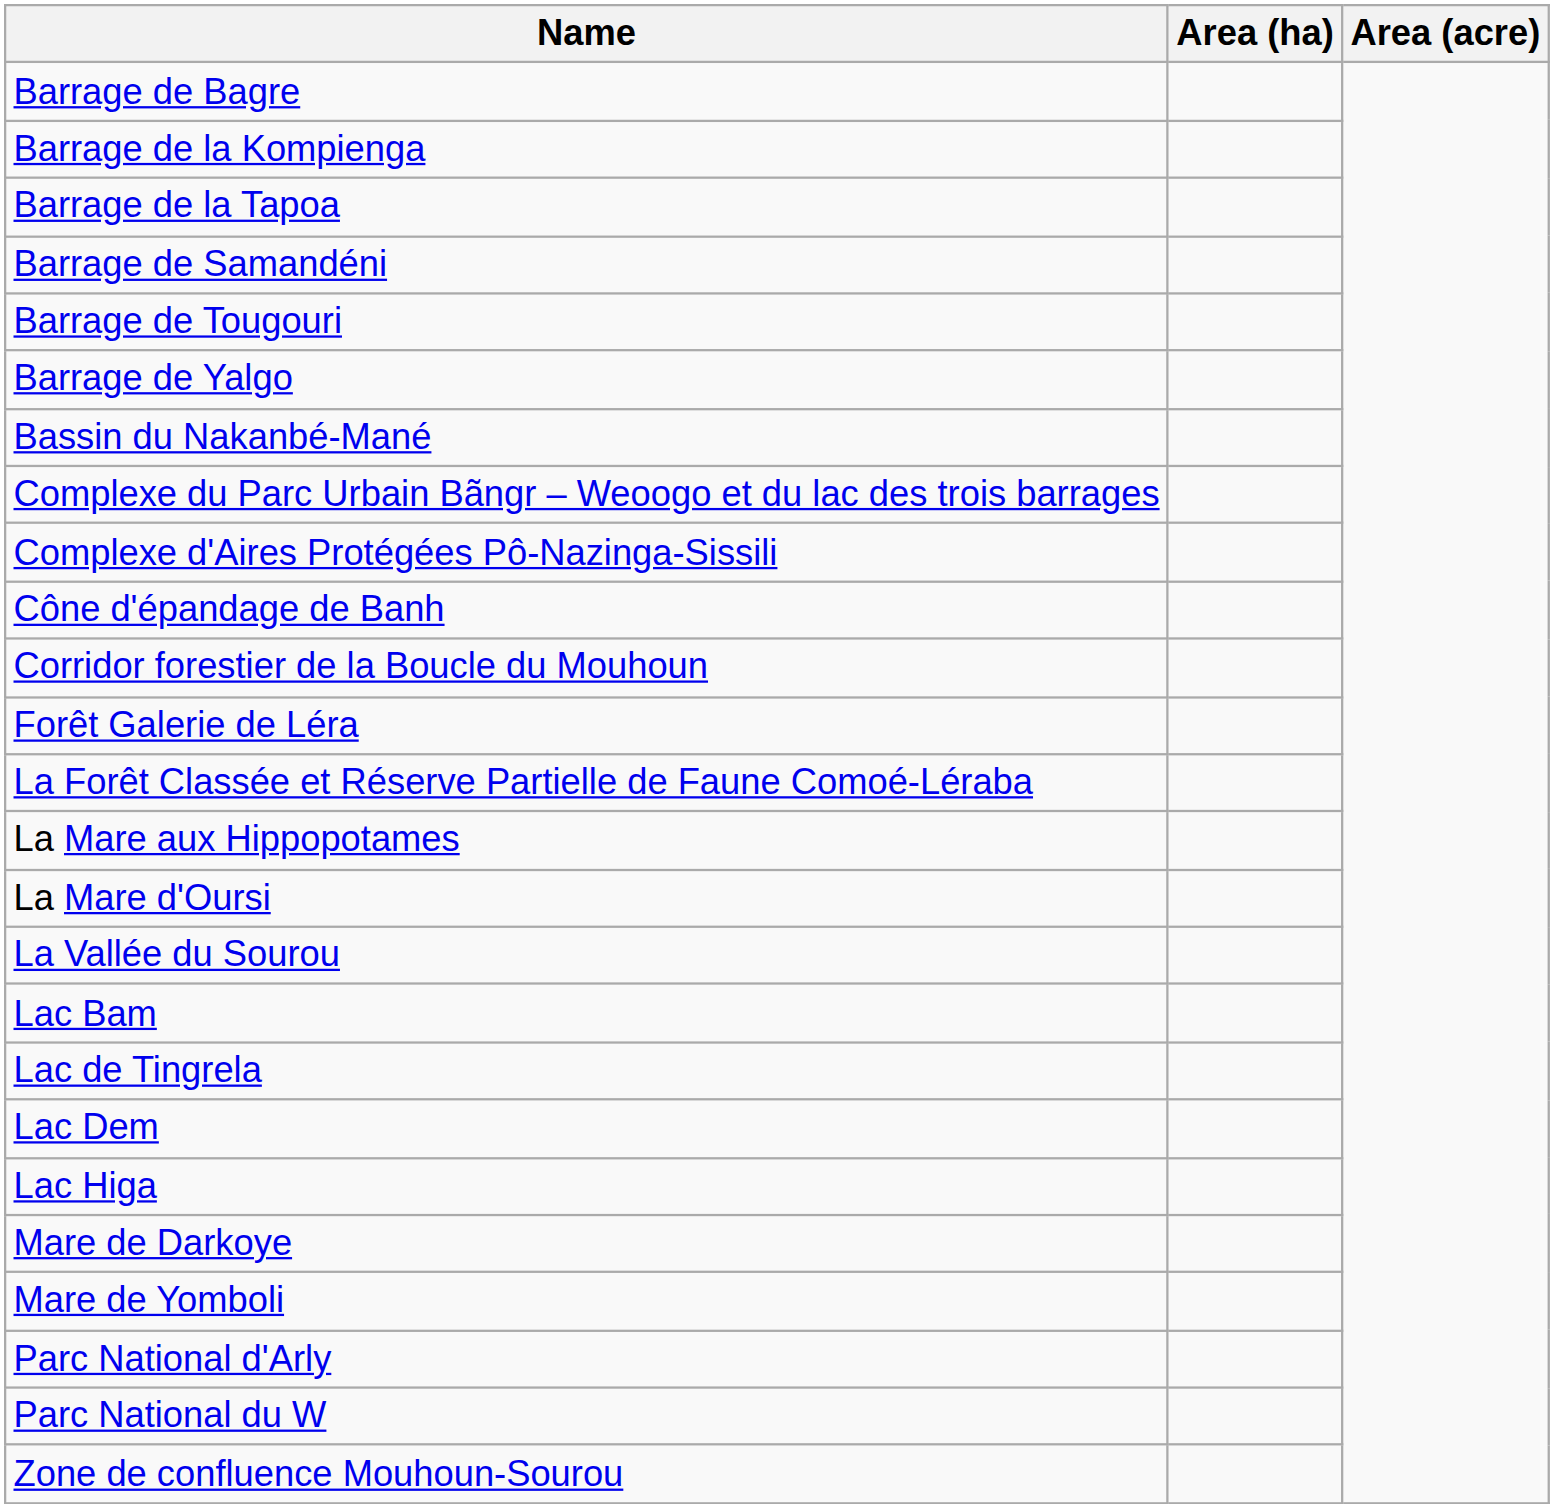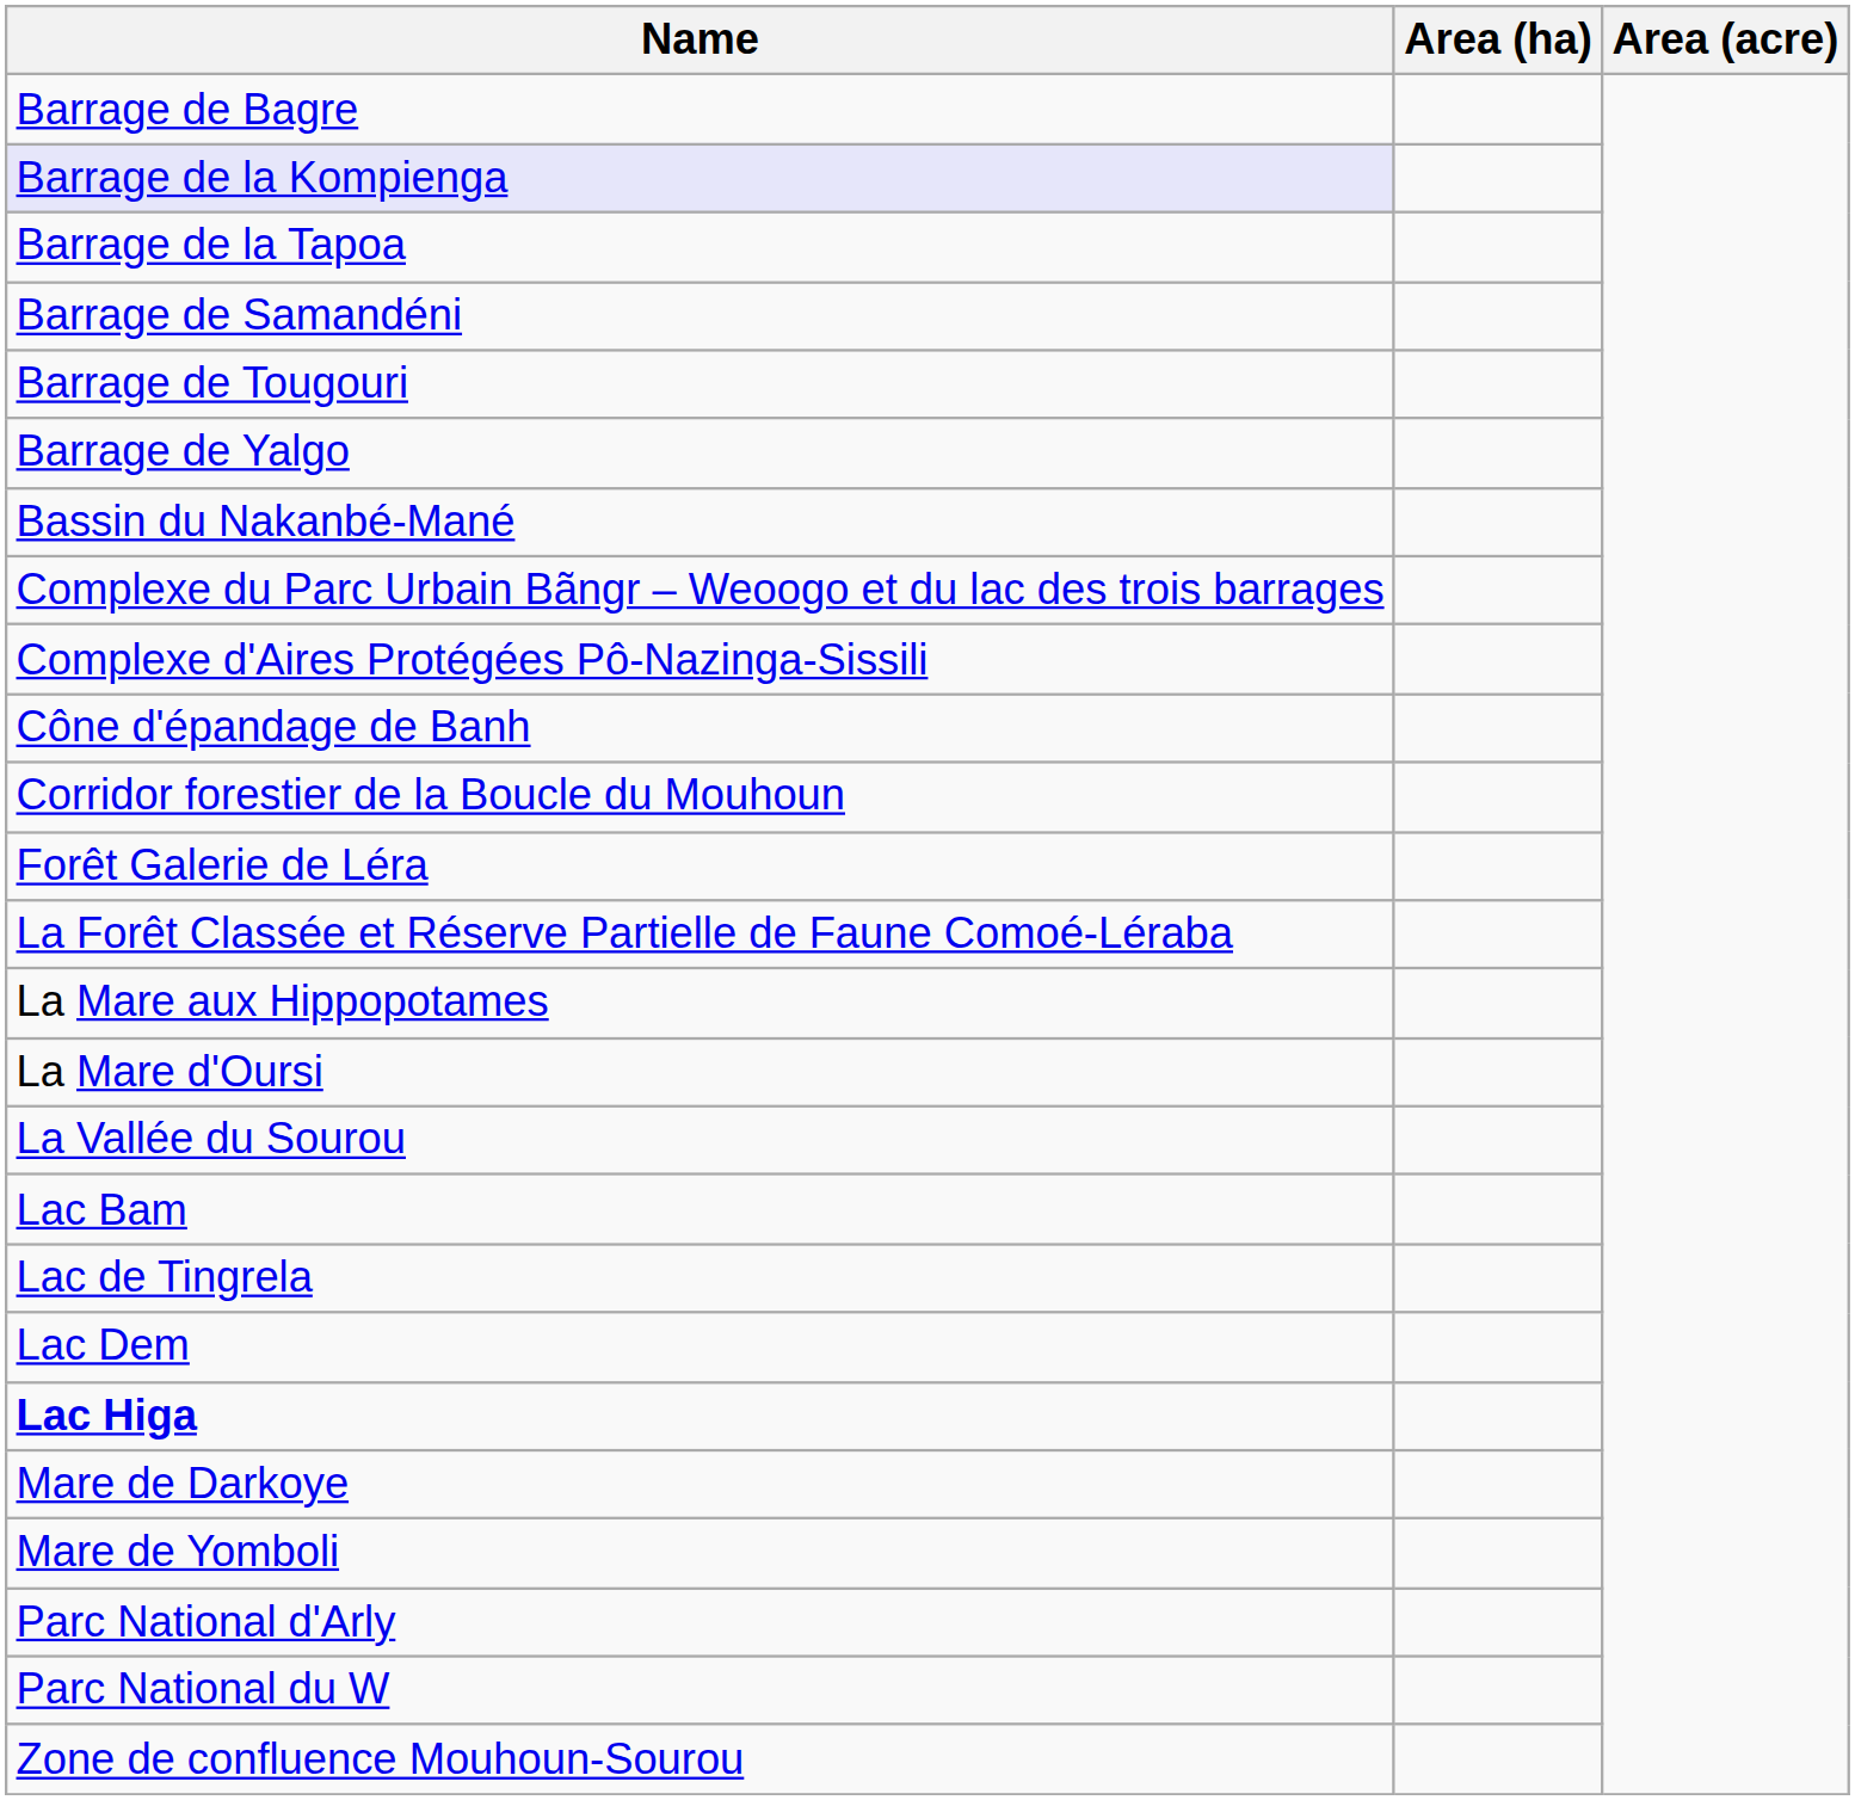 <table class="wikitable sortable">
 <tr>
 <th scope="col" align=left>Name</th>
 <th scope="col">Area (ha)</th>
 <th scope="col">Area (acre)</th>
 </tr>
 <tr ---->
 <td><a href='#'>Barrage de Bagre</a></td>
 <td></td>
 </tr>
 <tr ---->
-<td><a href='#'>Barrage de la Kompienga</a></td>
+<td style="background: lavender;"><a href='#'>Barrage de la Kompienga</a></td>
 <td></td>
 </tr>
 <tr ---->
 <td><a href='#'>Barrage de la Tapoa</a></td>
 <td></td>
 </tr>
 <tr ---->
 <td><a href='#'>Barrage de Samandéni</a></td>
 <td></td>
 </tr>
 <tr ---->
 <td><a href='#'>Barrage de Tougouri</a></td>
 <td></td>
 </tr>
 <tr ---->
 <td><a href='#'>Barrage de Yalgo</a></td>
 <td></td>
 </tr>
 <tr ---->
 <td><a href='#'>Bassin du Nakanbé-Mané</a></td>
 <td></td>
 </tr>
 <tr ---->
 <td><a href='#'>Complexe du Parc Urbain Bãngr – Weoogo et du lac des trois barrages</a></td>
 <td></td>
 </tr>
 <tr ---->
 <td><a href='#'>Complexe d'Aires Protégées Pô-Nazinga-Sissili</a></td>
 <td></td>
 </tr>
 <tr ---->
 <td><a href='#'>Cône d'épandage de Banh</a></td>
 <td></td>
 </tr>
 <tr ---->
 <td><a href='#'>Corridor forestier de la Boucle du Mouhoun</a></td>
 <td></td>
 </tr>
 <tr ---->
 <td><a href='#'>Forêt Galerie de Léra</a></td>
 <td></td>
 </tr>
 <tr ---->
 <td><a href='#'>La Forêt Classée et Réserve Partielle de Faune Comoé-Léraba</a></td>
 <td></td>
 </tr>
 <tr ---->
 <td>La <a href='#'>Mare aux Hippopotames</a></td>
 <td></td>
 </tr>
 <tr ---->
 <td>La <a href='#'>Mare d'Oursi</a></td>
 <td></td>
 </tr>
 <tr ---->
 <td><a href='#'>La Vallée du Sourou</a></td>
 <td></td>
 </tr>
 <tr ---->
 <td><a href='#'>Lac Bam</a></td>
 <td></td>
 </tr>
 <tr ---->
 <td><a href='#'>Lac de Tingrela</a></td>
 <td></td>
 </tr>
 <tr ---->
 <td><a href='#'>Lac Dem</a></td>
 <td></td>
 </tr>
 <tr ---->
-<td><a href='#'>Lac Higa</a></td>
+<td><strong><a href='#'>Lac Higa</a></strong></td>
 <td></td>
 </tr>
 <tr ---->
 <td><a href='#'>Mare de Darkoye</a></td>
 <td></td>
 </tr>
 <tr ---->
 <td><a href='#'>Mare de Yomboli</a></td>
 <td></td>
 </tr>
 <tr ---->
 <td><a href='#'>Parc National d'Arly</a></td>
 <td></td>
 </tr>
 <tr ---->
 <td><a href='#'>Parc National du W</a></td>
 <td></td>
 </tr>
 <tr ---->
 <td><a href='#'>Zone de confluence Mouhoun-Sourou</a></td>
 <td></td>
 </tr>
 </table>
